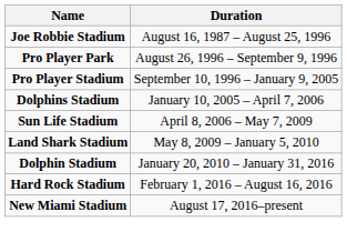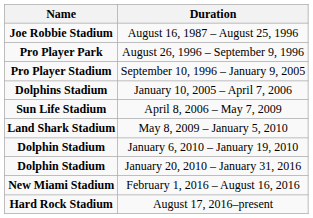 <table class="wikitable" style="text-align:center">
 <tr style="background:#efefef;">
 <th style="text-align:center;">Name</th>
 <th style="text-align:center;">Duration</th>
 </tr>
 <tr>
 <td><strong>Joe Robbie Stadium</strong></td>
 <td>August 16, 1987 – August 25, 1996</td>
 </tr>
 <tr>
 <td><strong>Pro Player Park</strong></td>
 <td>August 26, 1996 – September 9, 1996</td>
 </tr>
 <tr>
 <td><strong>Pro Player Stadium</strong></td>
 <td>September 10, 1996 – January 9, 2005</td>
 </tr>
 <tr>
 <td><strong>Dolphins Stadium</strong></td>
 <td>January 10, 2005 – April 7, 2006</td>
 </tr>
 <tr>
 <td><strong>Sun Life Stadium</strong></td>
 <td>April 8, 2006 – May 7, 2009</td>
 </tr>
 <tr>
 <td><strong>Land Shark Stadium</strong></td>
 <td>May 8, 2009 – January 5, 2010</td>
 </tr>
 <tr>
 <td><strong>Dolphin Stadium</strong></td>
+<td>January 6, 2010 – January 19, 2010</td>
+</tr>
+<tr>
+<td><strong>Dolphin Stadium</strong></td>
 <td>January 20, 2010 – January 31, 2016</td>
 </tr>
 <tr>
-<td><strong>Hard Rock Stadium</strong></td>
+<td><strong>New Miami Stadium</strong></td>
 <td>February 1, 2016 – August 16, 2016</td>
 </tr>
 <tr>
-<td><strong>New Miami Stadium</strong></td>
+<td><strong>Hard Rock Stadium</strong></td>
 <td>August 17, 2016–present</td>
 </tr>
 </table>
